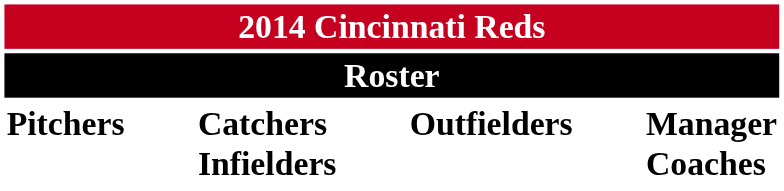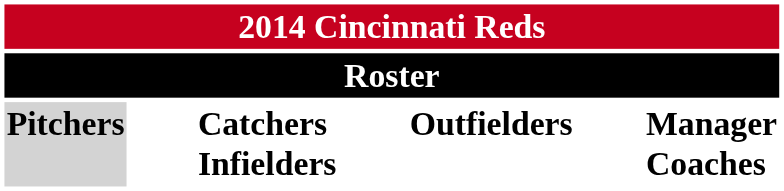 <table class="toccolours" style="font-size: 95%;">
 <tr>
 <th colspan="10" style="background-color: #c6011f; color: #FFFFFF; text-align: center;">2014 Cincinnati Reds</th>
 </tr>
 <tr>
 <td colspan="10" style="background-color: black; color: #FFFFFF; text-align: center;"><strong>Roster</strong></td>
 </tr>
 <tr>
-<td valign="top"><strong>Pitchers</strong><br>                       </td>
+<td valign="top" style="background: lightgrey;"><strong>Pitchers</strong><br>                       </td>
 <td width="25px"></td>
 <td valign="top"><strong>Catchers</strong><br>   <strong>Infielders</strong>          </td>
 <td width="25px"></td>
 <td valign="top"><strong>Outfielders</strong><br>       </td>
 <td width="25px"></td>
 <td valign="top"><strong>Manager</strong><br> <strong>Coaches</strong>                    </td>
 </tr>
 </table>
